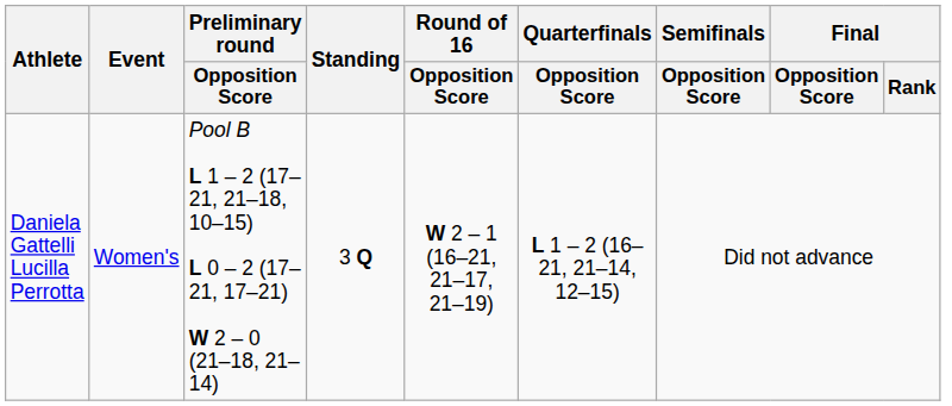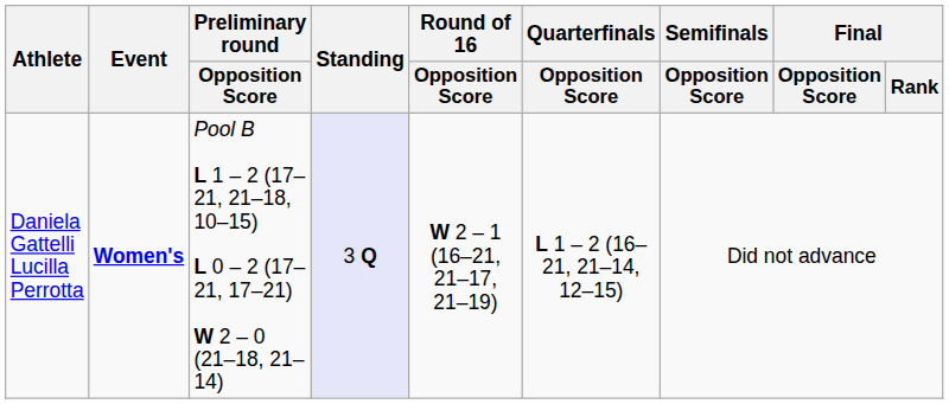 <table class=wikitable style="font-size:90%">
 <tr>
 <th rowspan="2">Athlete</th>
 <th rowspan="2">Event</th>
 <th>Preliminary round</th>
 <th rowspan="2">Standing</th>
 <th>Round of 16</th>
 <th>Quarterfinals</th>
 <th>Semifinals</th>
 <th colspan=2>Final</th>
 </tr>
 <tr style="font-size:95%">
 <th>Opposition<br>Score</th>
 <th>Opposition<br>Score</th>
 <th>Opposition<br>Score</th>
 <th>Opposition<br>Score</th>
 <th>Opposition<br>Score</th>
 <th>Rank</th>
 </tr>
 <tr align=center>
 <td align=left><a href='#'>Daniela Gattelli</a><br><a href='#'>Lucilla Perrotta</a></td>
-<td align=left><a href='#'>Women's</a></td>
+<td align=left><strong><a href='#'>Women's</a></strong></td>
 <td align=left><em>Pool B</em><br><br><strong>L</strong> 1 – 2 (17–21, 21–18, 10–15)<br><br><strong>L</strong> 0 – 2 (17–21, 17–21)<br><br><strong>W</strong> 2 – 0 (21–18, 21–14)</td>
-<td>3 <strong>Q</strong></td>
+<td style="background: lavender;">3 <strong>Q</strong></td>
 <td><br><strong>W</strong> 2 – 1 (16–21, 21–17, 21–19)</td>
 <td><br><strong>L</strong> 1 – 2 (16–21, 21–14, 12–15)</td>
 <td colspan=3>Did not advance</td>
 </tr>
 </table>
